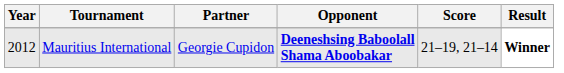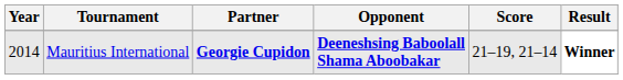 <table class="sortable wikitable" style="font-size: 90%;">
 <tr>
 <th>Year</th>
 <th>Tournament</th>
 <th>Partner</th>
 <th>Opponent</th>
 <th>Score</th>
 <th>Result</th>
 </tr>
 <tr>
 </tr>
 <tr style="background:#E9E9E9">
-<td align="center">2012</td>
+<td align="center">2014</td>
 <td align="left"><a href='#'>Mauritius International</a></td>
-<td align="left"> <a href='#'>Georgie Cupidon</a></td>
+<td align="left"><strong> <a href='#'>Georgie Cupidon</a></strong></td>
 <td align="left"><strong> <a href='#'>Deeneshsing Baboolall</a><br> <a href='#'>Shama Aboobakar</a></strong></td>
 <td align="left">21–19, 21–14</td>
 <td style="text-align:left; background:white"> <strong>Winner</strong></td>
 </tr>
 </table>
